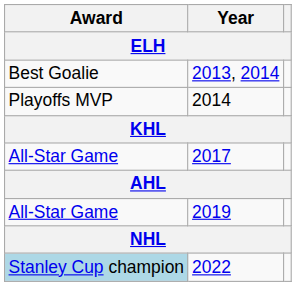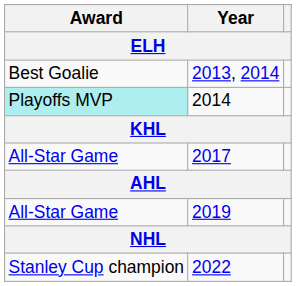 <table class="wikitable">
 <tr>
 <th>Award</th>
 <th>Year</th>
 <th></th>
 </tr>
 <tr>
 <th colspan="3"><a href='#'>ELH</a></th>
 </tr>
 <tr>
 <td>Best Goalie</td>
 <td><a href='#'>2013</a>, <a href='#'>2014</a></td>
 <td></td>
 </tr>
 <tr>
-<td>Playoffs MVP</td>
+<td style="background: paleturquoise;">Playoffs MVP</td>
 <td>2014</td>
 <td></td>
 </tr>
 <tr>
 <th colspan="3"><a href='#'>KHL</a></th>
 </tr>
 <tr>
 <td><a href='#'>All-Star Game</a></td>
 <td><a href='#'>2017</a></td>
 <td></td>
 </tr>
 <tr>
 <th colspan="3"><a href='#'>AHL</a></th>
 </tr>
 <tr>
 <td><a href='#'>All-Star Game</a></td>
 <td><a href='#'>2019</a></td>
 <td></td>
 </tr>
 <tr>
 <th colspan="3"><a href='#'>NHL</a></th>
 </tr>
 <tr>
-<td style="background: lightblue;"><a href='#'>Stanley Cup</a> champion</td>
+<td><a href='#'>Stanley Cup</a> champion</td>
 <td><a href='#'>2022</a></td>
 <td></td>
 </tr>
 </table>
